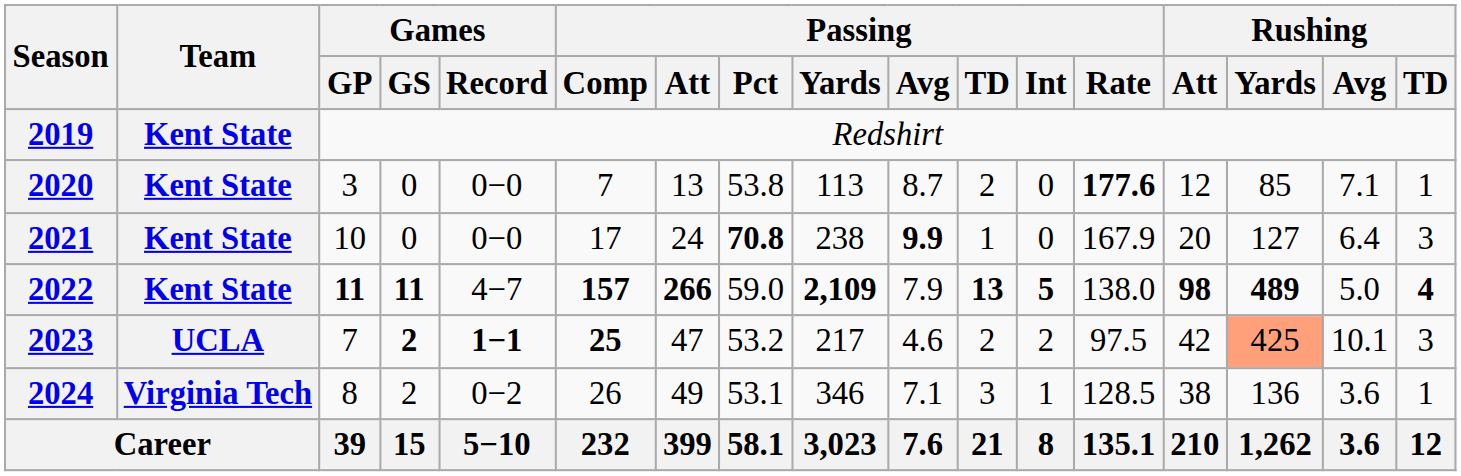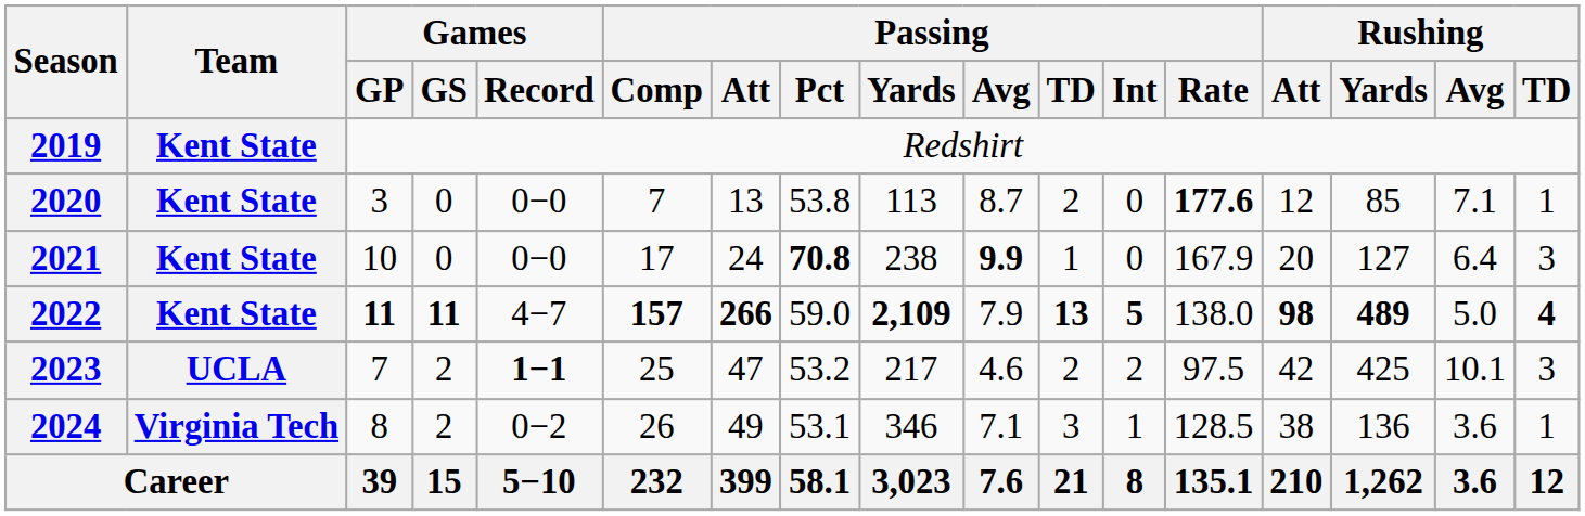 <table class="wikitable" style="text-align:center;">
 <tr>
 <th rowspan="2">Season</th>
 <th rowspan="2">Team</th>
 <th colspan="3">Games</th>
 <th colspan="8">Passing</th>
 <th colspan="5">Rushing</th>
 </tr>
 <tr>
 <th>GP</th>
 <th>GS</th>
 <th>Record</th>
 <th>Comp</th>
 <th>Att</th>
 <th>Pct</th>
 <th>Yards</th>
 <th>Avg</th>
 <th>TD</th>
 <th>Int</th>
 <th>Rate</th>
 <th>Att</th>
 <th>Yards</th>
 <th>Avg</th>
 <th>TD</th>
 </tr>
 <tr>
 <th><a href='#'>2019</a></th>
 <th><a href='#'>Kent State</a></th>
 <td colspan="16"><em>Redshirt </em></td>
 </tr>
 <tr>
 <th><a href='#'>2020</a></th>
 <th><a href='#'>Kent State</a></th>
 <td>3</td>
 <td>0</td>
 <td>0−0</td>
 <td>7</td>
 <td>13</td>
 <td>53.8</td>
 <td>113</td>
 <td>8.7</td>
 <td>2</td>
 <td>0</td>
 <td><strong>177.6</strong></td>
 <td>12</td>
 <td>85</td>
 <td>7.1</td>
 <td>1</td>
 </tr>
 <tr>
 <th><a href='#'>2021</a></th>
 <th><a href='#'>Kent State</a></th>
 <td>10</td>
 <td>0</td>
 <td>0−0</td>
 <td>17</td>
 <td>24</td>
 <td><strong>70.8</strong></td>
 <td>238</td>
 <td><strong>9.9</strong></td>
 <td>1</td>
 <td>0</td>
 <td>167.9</td>
 <td>20</td>
 <td>127</td>
 <td>6.4</td>
 <td>3</td>
 </tr>
 <tr>
 <th><a href='#'>2022</a></th>
 <th><a href='#'>Kent State</a></th>
 <td><strong>11</strong></td>
 <td><strong>11</strong></td>
 <td>4−7</td>
 <td><strong>157</strong></td>
 <td><strong>266</strong></td>
 <td>59.0</td>
 <td><strong>2,109</strong></td>
 <td>7.9</td>
 <td><strong>13</strong></td>
 <td><strong>5</strong></td>
 <td>138.0</td>
 <td><strong>98</strong></td>
 <td><strong>489</strong></td>
 <td>5.0</td>
 <td><strong>4</strong></td>
 </tr>
 <tr>
 <th><a href='#'>2023</a></th>
 <th><a href='#'>UCLA</a></th>
 <td>7</td>
-<td><strong>2</strong></td>
+<td>2</td>
 <td><strong>1−1</strong></td>
-<td><strong>25</strong></td>
+<td>25</td>
 <td>47</td>
 <td>53.2</td>
 <td>217</td>
 <td>4.6</td>
 <td>2</td>
 <td>2</td>
 <td>97.5</td>
 <td>42</td>
-<td style="background: lightsalmon;">425</td>
+<td>425</td>
 <td>10.1</td>
 <td>3</td>
 </tr>
 <tr>
 <th><a href='#'>2024</a></th>
 <th><a href='#'>Virginia Tech</a></th>
 <td>8</td>
 <td>2</td>
 <td>0−2</td>
 <td>26</td>
 <td>49</td>
 <td>53.1</td>
 <td>346</td>
 <td>7.1</td>
 <td>3</td>
 <td>1</td>
 <td>128.5</td>
 <td>38</td>
 <td>136</td>
 <td>3.6</td>
 <td>1</td>
 </tr>
 <tr>
 <th colspan="2">Career</th>
 <th>39</th>
 <th>15</th>
 <th>5−10</th>
 <th>232</th>
 <th>399</th>
 <th>58.1</th>
 <th>3,023</th>
 <th>7.6</th>
 <th>21</th>
 <th>8</th>
 <th>135.1</th>
 <th>210</th>
 <th>1,262</th>
 <th>3.6</th>
 <th>12</th>
 </tr>
 </table>
